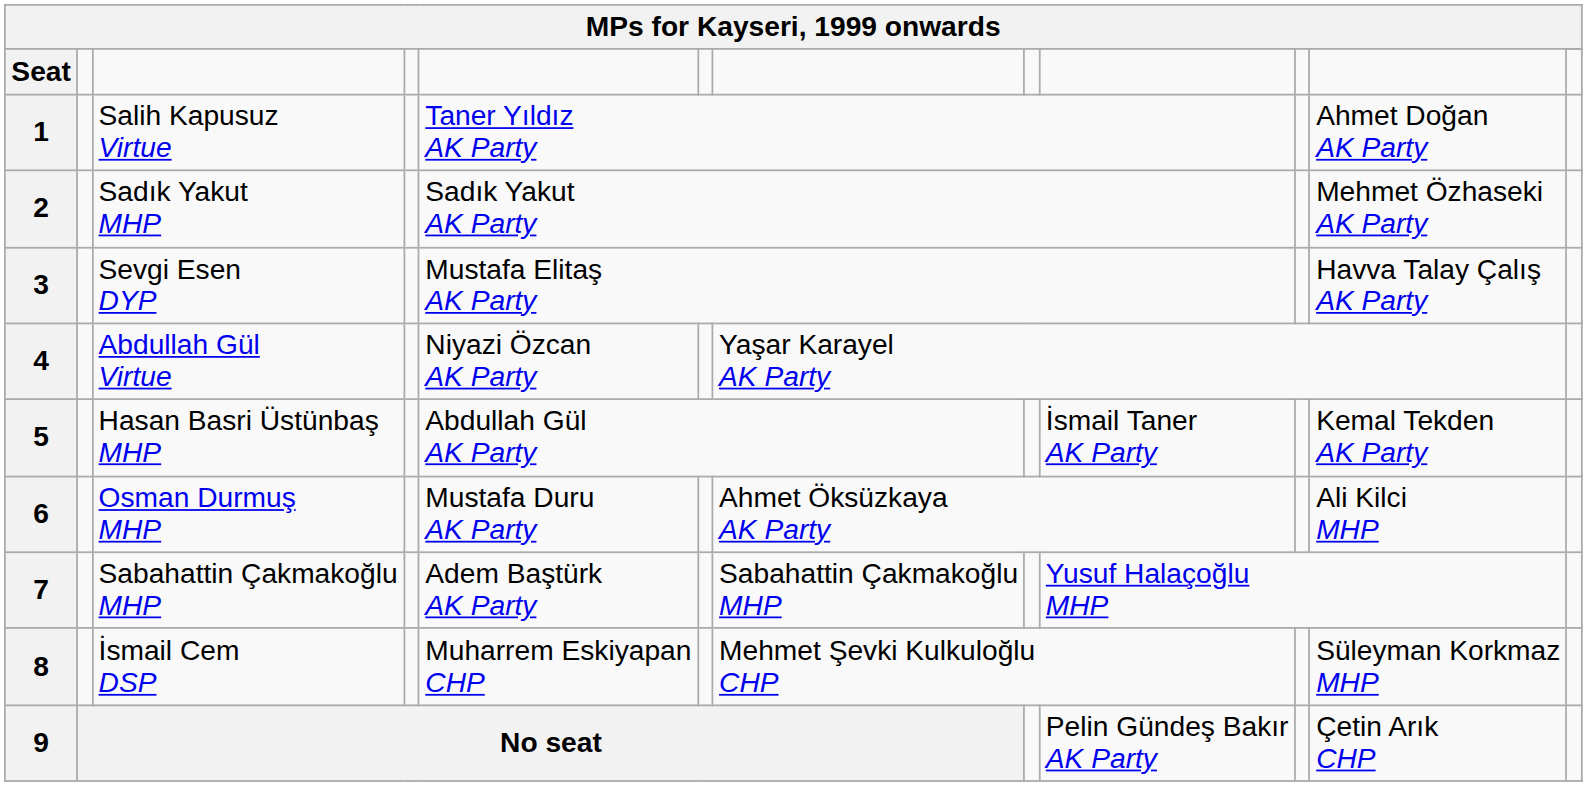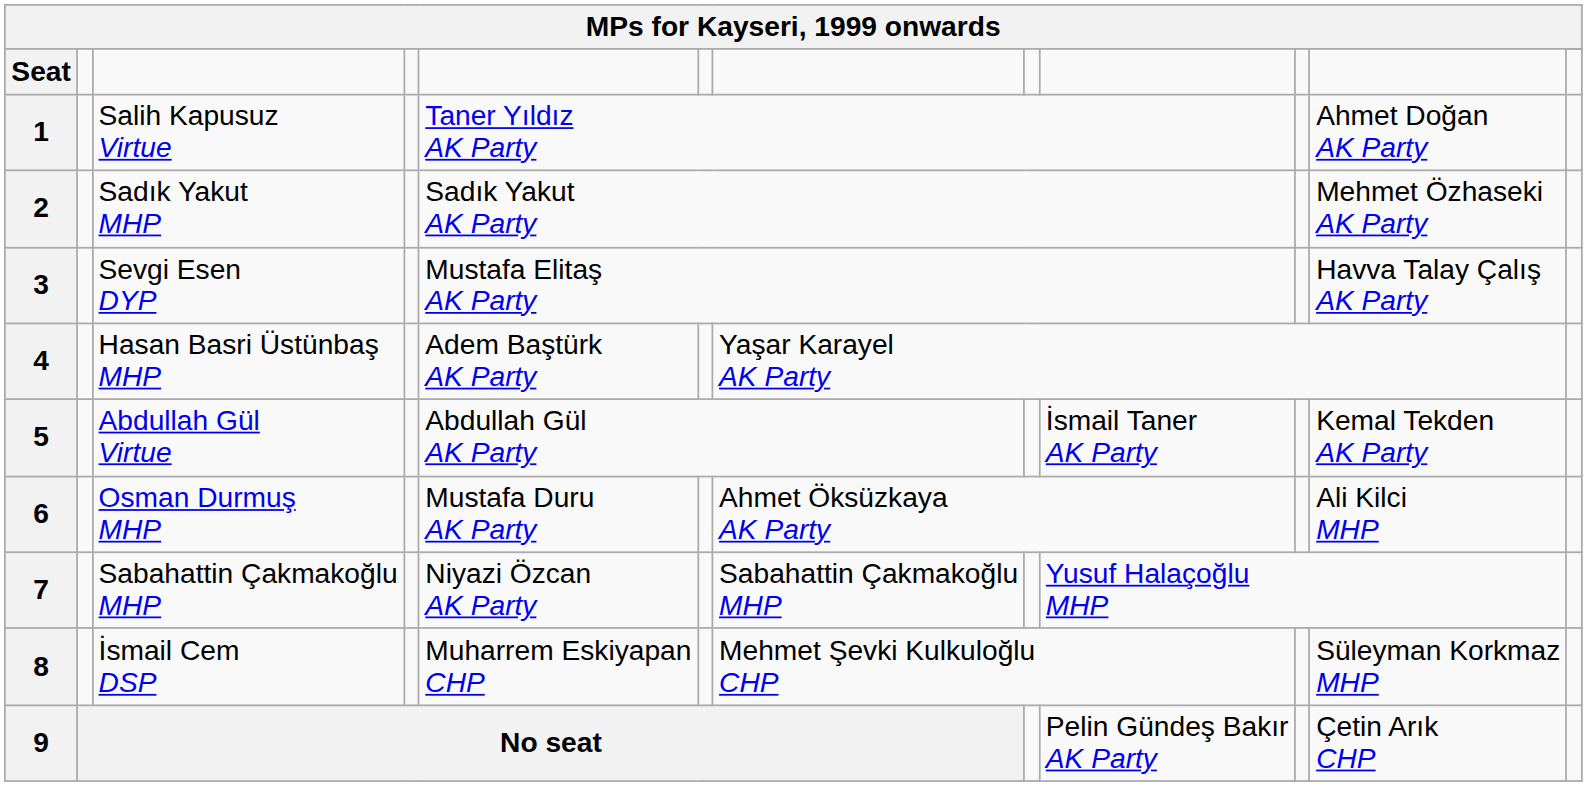 <table class="wikitable">
 <tr>
 <th colspan = 12>MPs for Kayseri, 1999 onwards</th>
 </tr>
 <tr>
 <th rowspan = 2>Seat</th>
 <td rowspan="2" style="width:1px;"></td>
 <td rowspan = 2></td>
 <td rowspan="2" style="width:1px;"></td>
 <td rowspan = 2></td>
 <td rowspan="2" style="width:1px;"></td>
 <td rowspan = 2></td>
 <td rowspan="2" style="width:1px;"></td>
 <td rowspan = 2></td>
 <td rowspan="2" style="width:1px;"></td>
 <td rowspan = 2></td>
 </tr>
 <tr>
 <td></td>
 </tr>
 <tr>
 <th>1</th>
 <td width=1px style="background-color: "></td>
 <td colspan = 1>Salih Kapusuz<br><em><a href='#'>Virtue</a></em></td>
 <td width=1px style="background-color: "></td>
 <td colspan = 5><a href='#'>Taner Yıldız</a><br><em><a href='#'>AK Party</a></em></td>
 <td width=1px style="background-color: "></td>
 <td colspan = 1>Ahmet Doğan<br><em><a href='#'>AK Party</a></em></td>
 <td width=1px style="background-color: "></td>
 </tr>
 <tr>
 <th>2</th>
 <td width=1px style="background-color: "></td>
 <td colspan = 1>Sadık Yakut<br><em><a href='#'>MHP</a></em></td>
 <td width=1px style="background-color: "></td>
 <td colspan = 5>Sadık Yakut<br><em><a href='#'>AK Party</a></em></td>
 <td width=1px style="background-color: "></td>
 <td colspan = 1>Mehmet Özhaseki<br><em><a href='#'>AK Party</a></em></td>
 <td width=1px style="background-color: "></td>
 </tr>
 <tr>
 <th>3</th>
 <td width=1px style="background-color: "></td>
 <td colspan = 1>Sevgi Esen<br><em><a href='#'>DYP</a></em></td>
 <td width=1px style="background-color: "></td>
 <td colspan = 5>Mustafa Elitaş<br><em><a href='#'>AK Party</a></em></td>
 <td width=1px style="background-color: "></td>
 <td colspan = 1>Havva Talay Çalış<br><em><a href='#'>AK Party</a></em></td>
 <td width=1px style="background-color: "></td>
 </tr>
 <tr>
 <th>4</th>
 <td width=1px style="background-color: "></td>
-<td colspan = 1><a href='#'>Abdullah Gül</a><br><em><a href='#'>Virtue</a></em></td>
+<td colspan = 1>Hasan Basri Üstünbaş<br><em><a href='#'>MHP</a></em></td>
 <td width=1px style="background-color: "></td>
-<td colspan = 1>Niyazi Özcan<br><em><a href='#'>AK Party</a></em></td>
+<td colspan = 1>Adem Baştürk<br><em><a href='#'>AK Party</a></em></td>
 <td width=1px style="background-color: "></td>
 <td colspan = 5>Yaşar Karayel<br><em><a href='#'>AK Party</a></em></td>
 <td width=1px style="background-color: "></td>
 </tr>
 <tr>
 <th>5</th>
 <td width=1px style="background-color: "></td>
-<td colspan = 1>Hasan Basri Üstünbaş<br><em><a href='#'>MHP</a></em></td>
+<td colspan = 1><a href='#'>Abdullah Gül</a><br><em><a href='#'>Virtue</a></em></td>
 <td width=1px style="background-color: "></td>
 <td colspan = 3>Abdullah Gül<br><em><a href='#'>AK Party</a></em></td>
 <td width=1px style="background-color: "></td>
 <td colspan = 1>İsmail Taner<br><em><a href='#'>AK Party</a></em></td>
 <td width=1px style="background-color: "></td>
 <td colspan = 1>Kemal Tekden<br><em><a href='#'>AK Party</a></em></td>
 <td width=1px style="background-color: "></td>
 </tr>
 <tr>
 <th>6</th>
 <td width=1px style="background-color: "></td>
 <td colspan = 1><a href='#'>Osman Durmuş</a><br><em><a href='#'>MHP</a></em></td>
 <td width=1px style="background-color: "></td>
 <td colspan = 1>Mustafa Duru<br><em><a href='#'>AK Party</a></em></td>
 <td width=1px style="background-color: "></td>
 <td colspan = 3>Ahmet Öksüzkaya<br><em><a href='#'>AK Party</a></em></td>
 <td width=1px style="background-color: "></td>
 <td colspan = 1>Ali Kilci<br><em><a href='#'>MHP</a></em></td>
 <td width=1px style="background-color: "></td>
 </tr>
 <tr>
 <th>7</th>
 <td width=1px style="background-color: "></td>
 <td colspan = 1>Sabahattin Çakmakoğlu<br><em><a href='#'>MHP</a></em></td>
 <td width=1px style="background-color: "></td>
-<td colspan = 1>Adem Baştürk<br><em><a href='#'>AK Party</a></em></td>
+<td colspan = 1>Niyazi Özcan<br><em><a href='#'>AK Party</a></em></td>
 <td width=1px style="background-color: "></td>
 <td colspan = 1>Sabahattin Çakmakoğlu<br><em><a href='#'>MHP</a></em></td>
 <td width=1px style="background-color: "></td>
 <td colspan = 3><a href='#'>Yusuf Halaçoğlu</a><br><em><a href='#'>MHP</a></em></td>
 <td width=1px style="background-color: "></td>
 </tr>
 <tr>
 <th>8</th>
 <td width=1px style="background-color: "></td>
 <td colspan = 1>İsmail Cem<br><em><a href='#'>DSP</a></em></td>
 <td width=1px style="background-color: "></td>
 <td colspan = 1>Muharrem Eskiyapan<br><em><a href='#'>CHP</a></em></td>
 <td width=1px style="background-color: "></td>
 <td colspan = 3>Mehmet Şevki Kulkuloğlu<br><em><a href='#'>CHP</a></em></td>
 <td width=1px style="background-color: "></td>
 <td colspan = 1>Süleyman Korkmaz<br><em><a href='#'>MHP</a></em></td>
 <td width=1px style="background-color: "></td>
 </tr>
 <tr>
 <th>9</th>
 <th colspan = 6>No seat</th>
 <td width=1px style="background-color: "></td>
 <td colspan = 1>Pelin Gündeş Bakır<br><em><a href='#'>AK Party</a></em></td>
 <td width=1px style="background-color: "></td>
 <td colspan = 1>Çetin Arık<br><em><a href='#'>CHP</a></em></td>
 <td width=1px style="background-color: "></td>
 </tr>
 </table>
